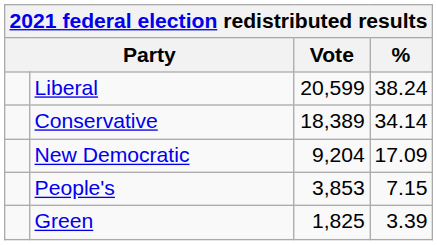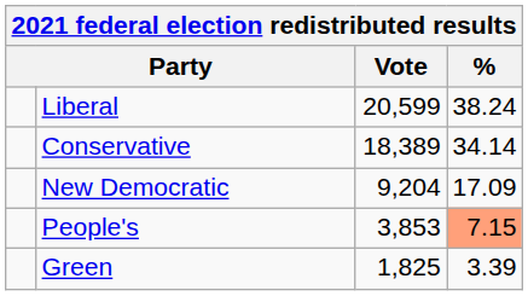 <table class="wikitable">
 <tr>
 <th colspan="4"><a href='#'>2021 federal election</a> redistributed results</th>
 </tr>
 <tr>
 <th bgcolor="#DDDDFF" width="130px" colspan="2">Party</th>
 <th bgcolor="#DDDDFF" width="50px">Vote</th>
 <th bgcolor="#DDDDFF" width="30px">%</th>
 </tr>
 <tr>
 <td> </td>
 <td><a href='#'>Liberal</a></td>
 <td align=right>20,599</td>
 <td align=right>38.24</td>
 </tr>
 <tr>
 <td> </td>
 <td><a href='#'>Conservative</a></td>
 <td align=right>18,389</td>
 <td align=right>34.14</td>
 </tr>
 <tr>
 <td> </td>
 <td><a href='#'>New Democratic</a></td>
 <td align=right>9,204</td>
 <td align=right>17.09</td>
 </tr>
 <tr>
 <td> </td>
 <td><a href='#'>People's</a></td>
 <td align=right>3,853</td>
-<td align=right>7.15</td>
+<td align=right style="background: lightsalmon;">7.15</td>
 </tr>
 <tr>
 <td> </td>
 <td><a href='#'>Green</a></td>
 <td align=right>1,825</td>
 <td align=right>3.39</td>
 </tr>
 </table>
